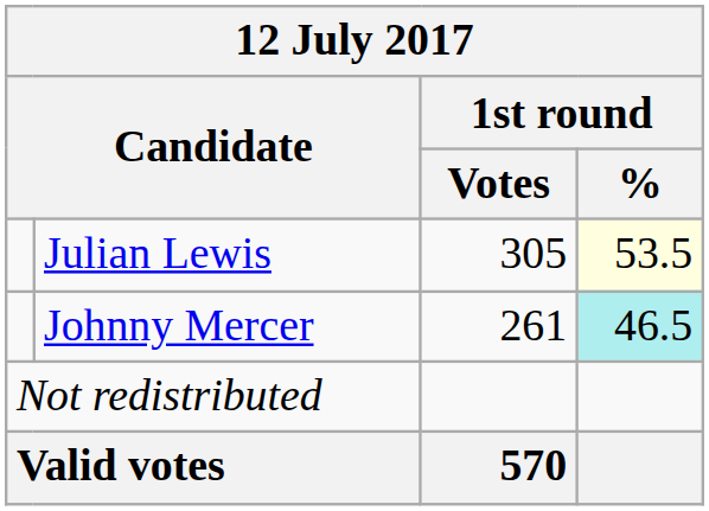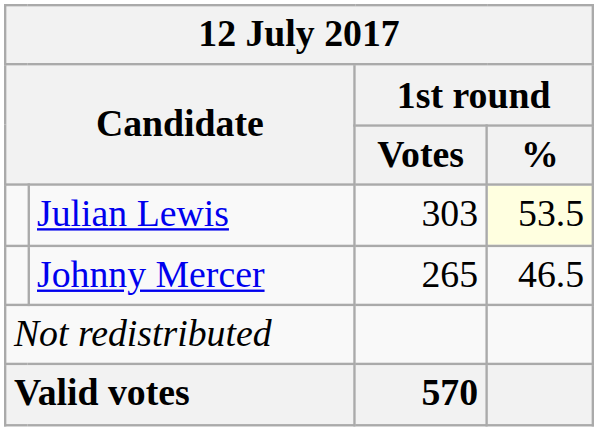 <table class="wikitable" style="min-width:250px;">
 <tr>
 <th colspan="4">12 July 2017</th>
 </tr>
 <tr>
 <th colspan="2" rowspan="2">Candidate</th>
 <th colspan="2">1st round</th>
 </tr>
 <tr>
 <th>Votes</th>
 <th>%</th>
 </tr>
 <tr>
 <td style="color:inherit;background-color: "></td>
 <td><a href='#'>Julian Lewis</a></td>
-<td align="right">305</td>
+<td align="right">303</td>
 <td align="right" style="background: lightyellow;">53.5</td>
 </tr>
 <tr>
 <td style="color:inherit;background-color: "></td>
 <td><a href='#'>Johnny Mercer</a></td>
-<td align="right">261</td>
-<td align="right" style="background: paleturquoise;">46.5</td>
+<td align="right">265</td>
+<td align="right">46.5</td>
 </tr>
 <tr>
 <td colspan="2"><em>Not redistributed</em></td>
 <td align="right"></td>
 <td align="right"></td>
 </tr>
 <tr>
 <th style="text-align:left;" colspan="2"><strong>Valid votes</strong></th>
 <th style="text-align:right;">570</th>
 <th style="text-align:right;"></th>
 </tr>
 </table>
